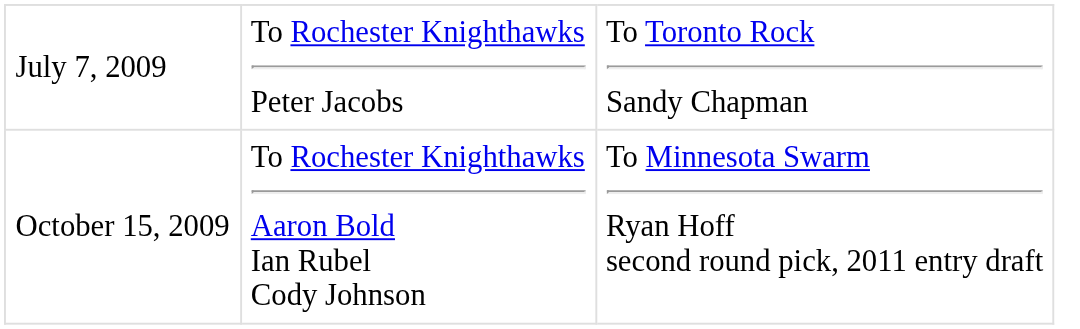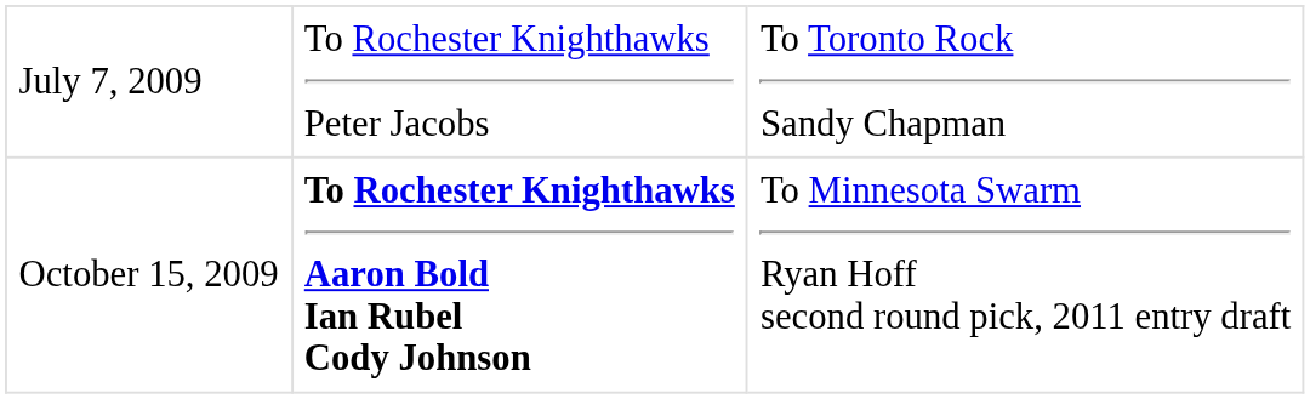 <table border=1 style="border-collapse:collapse" bordercolor="#DFDFDF"  cellpadding="5">
 <tr>
 <td>July 7, 2009</td>
 <td valign="top">To <a href='#'>Rochester Knighthawks</a><hr>Peter Jacobs</td>
 <td valign="top">To <a href='#'>Toronto Rock</a> <hr>Sandy Chapman</td>
 </tr>
 <tr>
 <td>October 15, 2009</td>
-<td valign="top">To <a href='#'>Rochester Knighthawks</a><hr><a href='#'>Aaron Bold</a><br>Ian Rubel<br>Cody Johnson</td>
+<td valign="top"><strong>To <a href='#'>Rochester Knighthawks</a><hr><a href='#'>Aaron Bold</a><br>Ian Rubel<br>Cody Johnson</strong></td>
 <td valign="top">To <a href='#'>Minnesota Swarm</a><hr>Ryan Hoff<br>second round pick, 2011 entry draft</td>
 </tr>
 </table>
